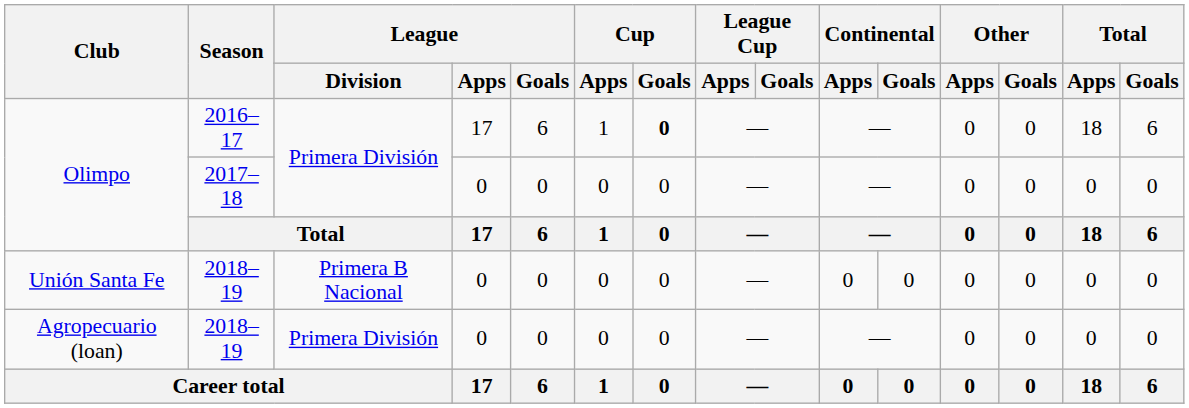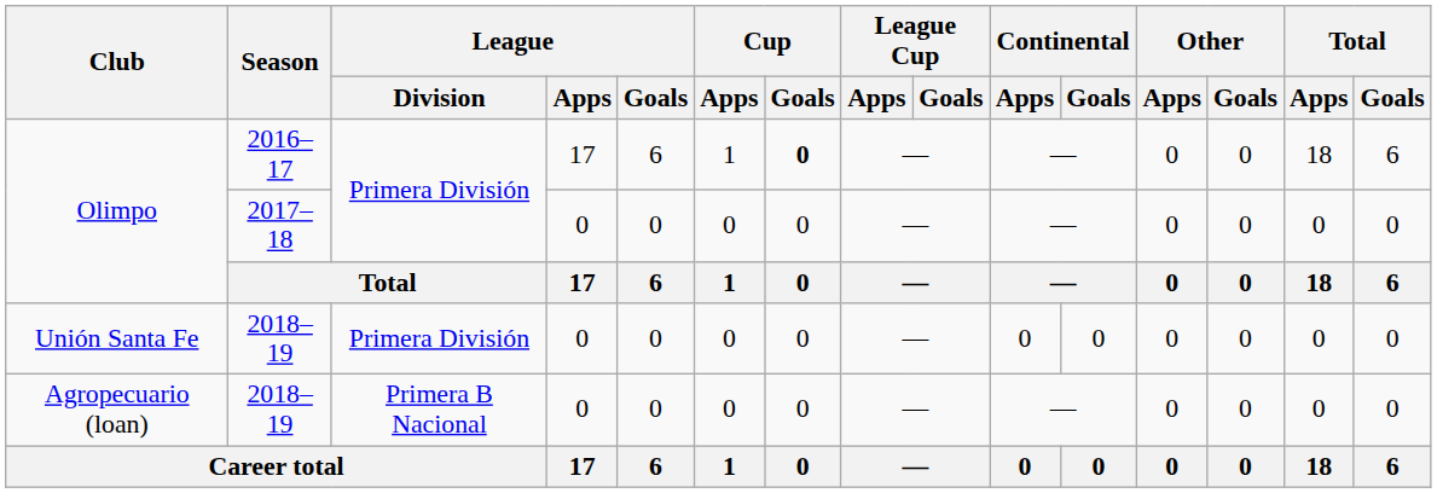 <table class="wikitable" style="text-align:center">
 <tr>
 <th rowspan="2">Club</th>
 <th rowspan="2">Season</th>
 <th colspan="3">League</th>
 <th colspan="2">Cup</th>
 <th colspan="2">League Cup</th>
 <th colspan="2">Continental</th>
 <th colspan="2">Other</th>
 <th colspan="2">Total</th>
 </tr>
 <tr>
 <th>Division</th>
 <th>Apps</th>
 <th>Goals</th>
 <th>Apps</th>
 <th>Goals</th>
 <th>Apps</th>
 <th>Goals</th>
 <th>Apps</th>
 <th>Goals</th>
 <th>Apps</th>
 <th>Goals</th>
 <th>Apps</th>
 <th>Goals</th>
 </tr>
 <tr>
 <td rowspan="3"><a href='#'>Olimpo</a></td>
 <td><a href='#'>2016–17</a></td>
 <td rowspan="2"><a href='#'>Primera División</a></td>
 <td>17</td>
 <td>6</td>
 <td>1</td>
 <td><strong>0</strong></td>
 <td colspan="2">—</td>
 <td colspan="2">—</td>
 <td>0</td>
 <td>0</td>
 <td>18</td>
 <td>6</td>
 </tr>
 <tr>
 <td><a href='#'>2017–18</a></td>
 <td>0</td>
 <td>0</td>
 <td>0</td>
 <td>0</td>
 <td colspan="2">—</td>
 <td colspan="2">—</td>
 <td>0</td>
 <td>0</td>
 <td>0</td>
 <td>0</td>
 </tr>
 <tr>
 <th colspan="2">Total</th>
 <th>17</th>
 <th>6</th>
 <th>1</th>
 <th>0</th>
 <th colspan="2">—</th>
 <th colspan="2">—</th>
 <th>0</th>
 <th>0</th>
 <th>18</th>
 <th>6</th>
 </tr>
 <tr>
 <td rowspan="1"><a href='#'>Unión Santa Fe</a></td>
 <td><a href='#'>2018–19</a></td>
-<td rowspan="1"><a href='#'>Primera B Nacional</a></td>
+<td rowspan="1"><a href='#'>Primera División</a></td>
 <td>0</td>
 <td>0</td>
 <td>0</td>
 <td>0</td>
 <td colspan="2">—</td>
 <td>0</td>
 <td>0</td>
 <td>0</td>
 <td>0</td>
 <td>0</td>
 <td>0</td>
 </tr>
 <tr>
 <td rowspan="1"><a href='#'>Agropecuario</a> (loan)</td>
 <td><a href='#'>2018–19</a></td>
-<td rowspan="1"><a href='#'>Primera División</a></td>
+<td rowspan="1"><a href='#'>Primera B Nacional</a></td>
 <td>0</td>
 <td>0</td>
 <td>0</td>
 <td>0</td>
 <td colspan="2">—</td>
 <td colspan="2">—</td>
 <td>0</td>
 <td>0</td>
 <td>0</td>
 <td>0</td>
 </tr>
 <tr>
 <th colspan="3">Career total</th>
 <th>17</th>
 <th>6</th>
 <th>1</th>
 <th>0</th>
 <th colspan="2">—</th>
 <th>0</th>
 <th>0</th>
 <th>0</th>
 <th>0</th>
 <th>18</th>
 <th>6</th>
 </tr>
 </table>
